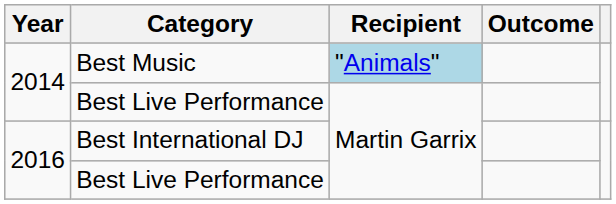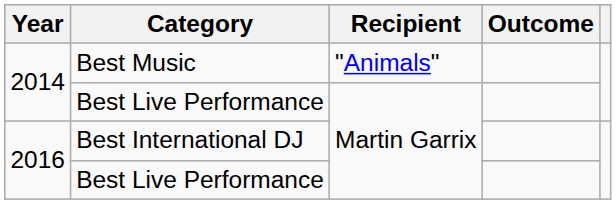 <table class="wikitable plainrowheaders sortable">
 <tr>
 <th scope="col">Year</th>
 <th scope="col">Category</th>
 <th scope="col">Recipient</th>
 <th scope="col">Outcome</th>
 <th scope="col" class="unsortable"></th>
 </tr>
 <tr>
 <td rowspan="2">2014</td>
 <td>Best Music</td>
-<td style="background: lightblue;">"<a href='#'>Animals</a>"</td>
+<td>"<a href='#'>Animals</a>"</td>
 <td></td>
 <td style="text-align:center;" rowspan="2"></td>
 </tr>
 <tr>
 <td>Best Live Performance</td>
 <td rowspan="3">Martin Garrix</td>
 <td></td>
 </tr>
 <tr>
 <td rowspan="2">2016</td>
 <td>Best International DJ</td>
 <td></td>
 <td style="text-align:center;" rowspan="2"></td>
 </tr>
 <tr>
 <td>Best Live Performance</td>
 <td></td>
 </tr>
 </table>
